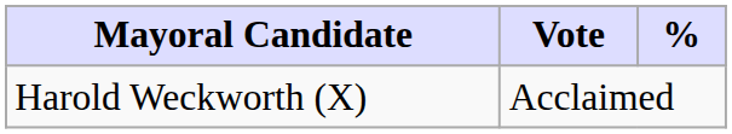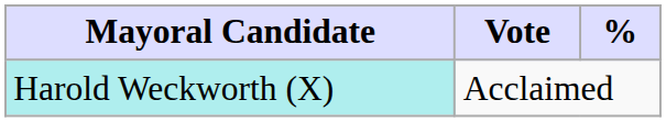 <table class="wikitable">
 <tr>
 <th style="background:#ddf; width:200px;">Mayoral Candidate </th>
 <th style="background:#ddf; width:50px;">Vote</th>
 <th style="background:#ddf; width:30px;">%</th>
 </tr>
 <tr>
-<td>Harold Weckworth (X)</td>
+<td style="background: paleturquoise;">Harold Weckworth (X)</td>
 <td colspan="2">Acclaimed</td>
 </tr>
 </table>
